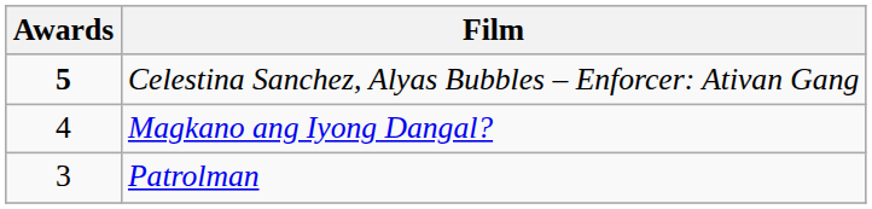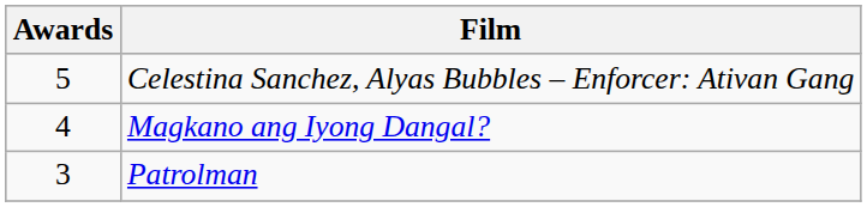 <table class="wikitable" style="text-align:center">
 <tr>
 <th scope="col">Awards</th>
 <th scope="col">Film</th>
 </tr>
 <tr>
-<td><strong>5</strong></td>
+<td>5</td>
 <td align=left><em>Celestina Sanchez, Alyas Bubbles – Enforcer: Ativan Gang</em></td>
 </tr>
 <tr>
 <td>4</td>
 <td align=left><em><a href='#'>Magkano ang Iyong Dangal?</a></em></td>
 </tr>
 <tr>
 <td>3</td>
 <td align=left><em><a href='#'>Patrolman</a></em></td>
 </tr>
 </table>
